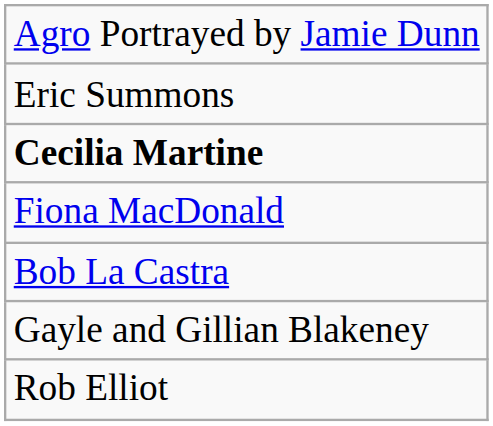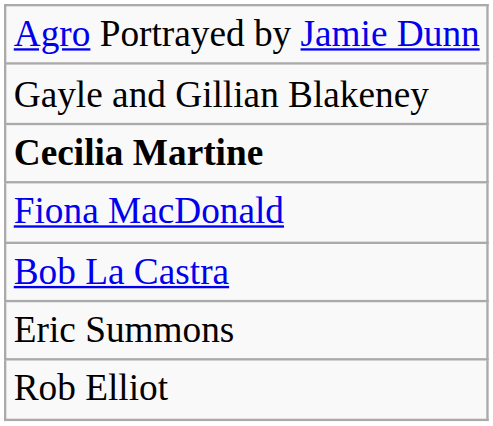 <table class="wikitable">
 <tr>
 <td><a href='#'>Agro</a> Portrayed by <a href='#'>Jamie Dunn</a></td>
 </tr>
 <tr>
-<td>Eric Summons</td>
+<td>Gayle and Gillian Blakeney</td>
 </tr>
 <tr>
 <td><strong>Cecilia Martine</strong></td>
 </tr>
 <tr>
 <td><a href='#'>Fiona MacDonald</a></td>
 </tr>
 <tr>
 <td><a href='#'>Bob La Castra</a></td>
 </tr>
 <tr>
-<td>Gayle and Gillian Blakeney</td>
+<td>Eric Summons</td>
 </tr>
 <tr>
 <td>Rob Elliot</td>
 </tr>
 </table>
